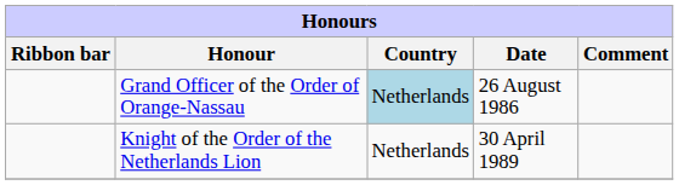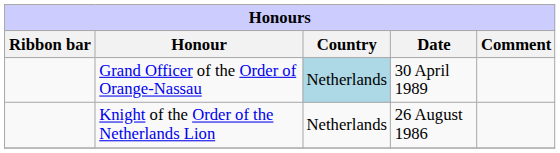 <table class="wikitable" style="width:60%;">
 <tr style="background:#ccf; text-align:center;">
 <td colspan=5><strong>Honours</strong></td>
 </tr>
 <tr>
 <th style="width:80px;">Ribbon bar</th>
 <th>Honour</th>
 <th>Country</th>
 <th>Date</th>
 <th>Comment</th>
 </tr>
 <tr>
 <td></td>
 <td><a href='#'>Grand Officer</a> of the <a href='#'>Order of Orange-Nassau</a></td>
 <td style="background: lightblue;">Netherlands</td>
-<td>26 August 1986</td>
+<td>30 April 1989</td>
 <td></td>
 </tr>
 <tr>
 <td></td>
 <td><a href='#'>Knight</a> of the <a href='#'>Order of the Netherlands Lion</a></td>
 <td>Netherlands</td>
-<td>30 April 1989</td>
+<td>26 August 1986</td>
 <td></td>
 </tr>
 <tr>
 </tr>
 </table>
